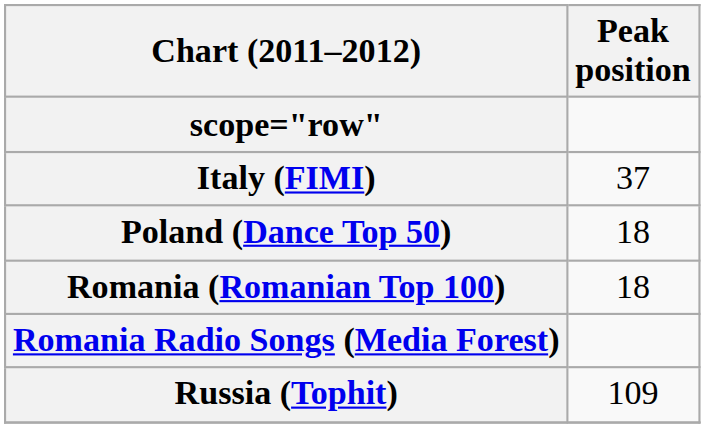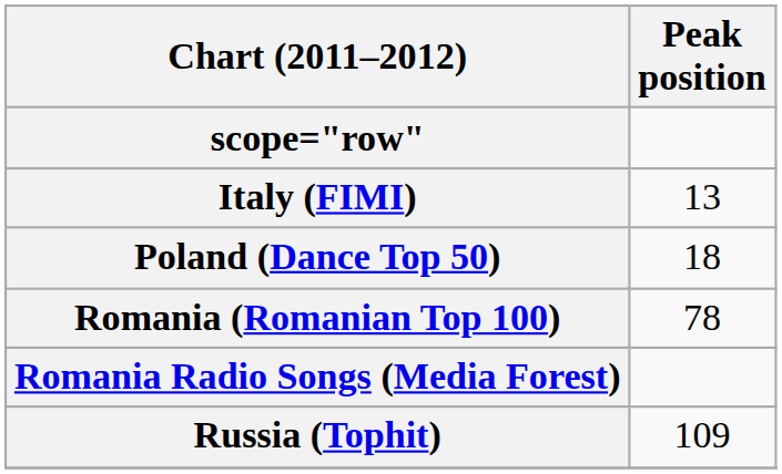 <table class="wikitable plainrowheaders sortable" style="text-align:center;">
 <tr>
 <th scope="col">Chart (2011–2012)</th>
 <th scope="col">Peak<br>position</th>
 </tr>
 <tr>
 <th>scope="row" </th>
 </tr>
 <tr>
 <th scope="row">Italy (<a href='#'>FIMI</a>)</th>
-<td>37</td>
+<td>13</td>
 </tr>
 <tr>
 <th scope="row">Poland (<a href='#'>Dance Top 50</a>)</th>
 <td align="center">18</td>
 </tr>
 <tr>
 <th scope="row">Romania (<a href='#'>Romanian Top 100</a>)</th>
-<td style="text-align:center;">18</td>
+<td style="text-align:center;">78</td>
 </tr>
 <tr>
 <th scope="row"><a href='#'>Romania Radio Songs</a> (<a href='#'>Media Forest</a>)</th>
 <td></td>
 </tr>
 <tr>
 <th scope="row">Russia (<a href='#'>Tophit</a>)</th>
 <td style="text-align:center;">109</td>
 </tr>
 <tr>
 </tr>
 </table>
